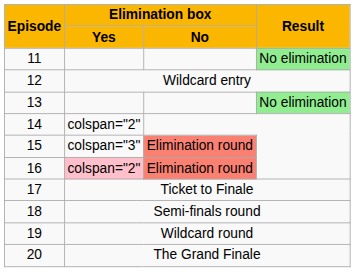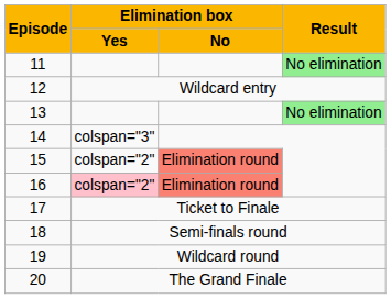 <table class="wikitable" style="text-align:center;">
 <tr>
 <th scope="col" rowspan=2 style="background:#FBB700">Episode</th>
 <th scope="col" colspan=2 style="background:#FBB700">Elimination box</th>
 <th scope="col" rowspan=2 style="background:#FBB700">Result</th>
 </tr>
 <tr>
 <th scope="col" style="background:#FBB700">Yes</th>
 <th scope="col" style="background:#FBB700">No</th>
 </tr>
 <tr>
 <td>11</td>
 <td></td>
 <td></td>
 <td style="background:lightgreen;">No elimination</td>
 </tr>
 <tr>
 <td>12</td>
 <td colspan="3">Wildcard entry</td>
 </tr>
 <tr>
 <td>13</td>
 <td></td>
 <td></td>
 <td style="background:lightgreen;">No elimination</td>
 </tr>
 <tr>
 <td>14</td>
-<td>colspan="2" </td>
+<td>colspan="3" </td>
 </tr>
 <tr>
 <td>15</td>
-<td>colspan="3" </td>
+<td>colspan="2" </td>
 <td style="background:salmon;">Elimination round</td>
 </tr>
 <tr>
 <td>16</td>
 <td style="background: pink;">colspan="2" </td>
 <td style="background:salmon;">Elimination round</td>
 </tr>
 <tr>
 <td>17</td>
 <td colspan="3">Ticket to Finale</td>
 </tr>
 <tr>
 <td>18</td>
 <td colspan="3">Semi-finals round</td>
 </tr>
 <tr>
 <td>19</td>
 <td colspan="3">Wildcard round</td>
 </tr>
 <tr>
 <td>20</td>
 <td colspan="3">The Grand Finale</td>
 </tr>
 </table>
